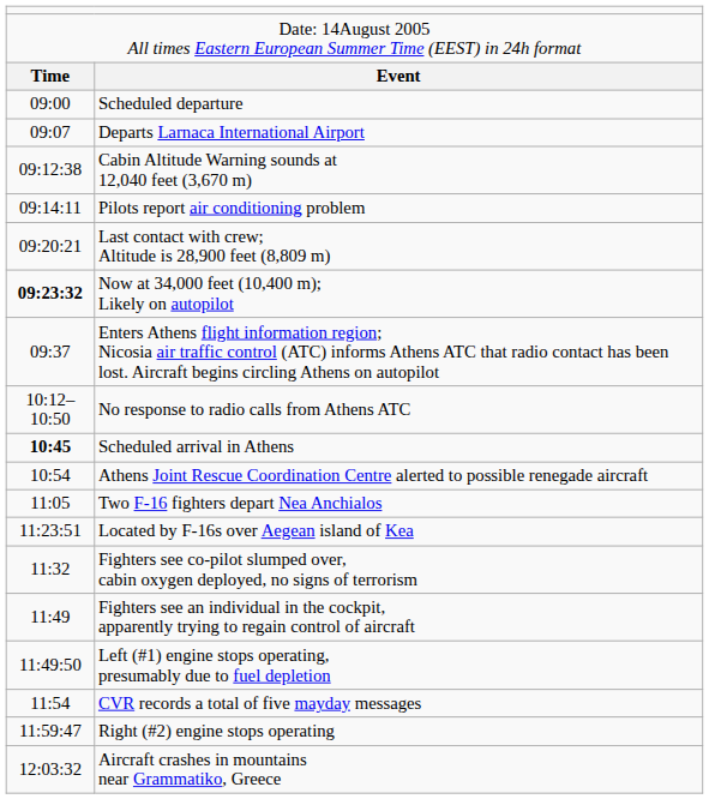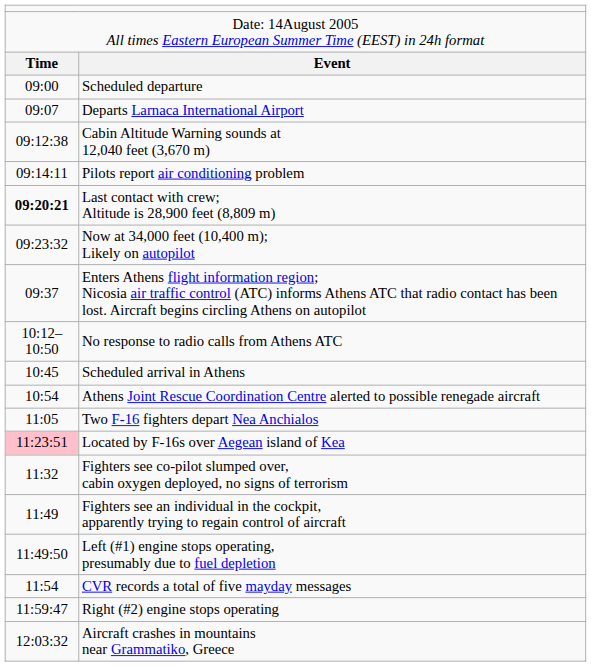 <table class="wikitable" style="float:right; margin-left:0.7em; width: 50%">
 <tr>
 <td colspan="2" style="text-align:center;"></td>
 </tr>
 <tr>
 <td colspan="2" style="text-align:center;">Date: 14August 2005<br><em>All times <a href='#'>Eastern European Summer Time</a> (EEST)  in 24h format</em></td>
 </tr>
 <tr>
 <th colwidth="3.5em">Time</th>
 <th>Event</th>
 </tr>
 <tr>
 <td style="text-align:center;">09:00</td>
 <td>Scheduled departure</td>
 </tr>
 <tr>
 <td style="text-align:center;">09:07</td>
 <td>Departs <a href='#'>Larnaca International Airport</a></td>
 </tr>
 <tr>
 <td style="text-align:center;">09:12:38</td>
 <td>Cabin Altitude Warning sounds at<br>12,040 feet (3,670 m)</td>
 </tr>
 <tr>
 <td style="text-align:center;">09:14:11</td>
 <td>Pilots report <a href='#'>air conditioning</a> problem</td>
 </tr>
 <tr>
-<td style="text-align:center;">09:20:21</td>
+<td style="text-align:center;"><strong>09:20:21</strong></td>
 <td>Last contact with crew;<br>Altitude is 28,900 feet (8,809 m)</td>
 </tr>
 <tr>
-<td style="text-align:center;"><strong>09:23:32</strong></td>
+<td style="text-align:center;">09:23:32</td>
 <td>Now at 34,000 feet (10,400 m);<br>Likely on <a href='#'>autopilot</a></td>
 </tr>
 <tr>
 <td style="text-align:center;">09:37</td>
 <td>Enters Athens <a href='#'>flight information region</a>;<br>Nicosia <a href='#'>air traffic control</a> (ATC) informs Athens ATC that radio contact has been lost. Aircraft begins circling Athens on autopilot</td>
 </tr>
 <tr>
 <td style="text-align:center;">10:12–10:50</td>
 <td>No response to radio calls from Athens ATC</td>
 </tr>
 <tr>
-<td style="text-align:center;"><strong>10:45</strong></td>
+<td style="text-align:center;">10:45</td>
 <td>Scheduled arrival in Athens</td>
 </tr>
 <tr>
 <td style="text-align:center;">10:54</td>
 <td>Athens <a href='#'>Joint Rescue Coordination Centre</a> alerted to possible renegade aircraft<br></td>
 </tr>
 <tr>
 <td style="text-align:center;">11:05</td>
 <td>Two <a href='#'>F-16</a> fighters depart <a href='#'>Nea Anchialos</a></td>
 </tr>
 <tr>
-<td style="text-align:center;">11:23:51</td>
+<td style="background: pink; text-align:center;">11:23:51</td>
 <td>Located by F-16s over <a href='#'>Aegean</a> island of <a href='#'>Kea</a></td>
 </tr>
 <tr>
 <td style="text-align:center;">11:32</td>
 <td>Fighters see co-pilot slumped over,<br>cabin oxygen deployed, no signs of terrorism</td>
 </tr>
 <tr>
 <td style="text-align:center;">11:49</td>
 <td>Fighters see an individual in the cockpit,<br>apparently trying to regain control of aircraft</td>
 </tr>
 <tr>
 <td style="text-align:center;">11:49:50</td>
 <td>Left (#1) engine stops operating,<br>presumably due to <a href='#'>fuel depletion</a></td>
 </tr>
 <tr>
 <td style="text-align:center;">11:54</td>
 <td><a href='#'>CVR</a> records a total of five <a href='#'>mayday</a> messages</td>
 </tr>
 <tr>
 <td style="text-align:center;">11:59:47</td>
 <td>Right (#2) engine stops operating</td>
 </tr>
 <tr>
 <td style="text-align:center;">12:03:32</td>
 <td>Aircraft crashes in mountains<br>near <a href='#'>Grammatiko</a>, Greece</td>
 </tr>
 </table>
